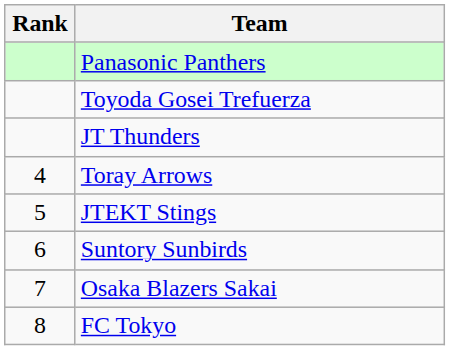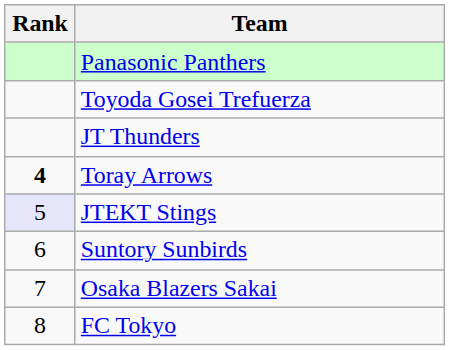 <table class="wikitable" style="text-align: center;">
 <tr>
 <th width=40>Rank</th>
 <th width=240>Team</th>
 </tr>
 <tr align=center bgcolor=#ccffcc>
 <td></td>
 <td style="text-align:left;"><a href='#'>Panasonic Panthers</a></td>
 </tr>
 <tr align=center>
 <td></td>
 <td style="text-align:left;"><a href='#'>Toyoda Gosei Trefuerza</a></td>
 </tr>
 <tr align=center>
 <td></td>
 <td style="text-align:left;"><a href='#'>JT Thunders</a></td>
 </tr>
 <tr align=center>
-<td>4</td>
+<td><strong>4</strong></td>
 <td style="text-align:left;"><a href='#'>Toray Arrows</a></td>
 </tr>
 <tr align=center>
-<td>5</td>
+<td style="background: lavender;">5</td>
 <td style="text-align:left;"><a href='#'>JTEKT Stings</a></td>
 </tr>
 <tr align=center>
 <td>6</td>
 <td style="text-align:left;"><a href='#'>Suntory Sunbirds</a></td>
 </tr>
 <tr align=center>
 <td>7</td>
 <td style="text-align:left;"><a href='#'>Osaka Blazers Sakai</a></td>
 </tr>
 <tr align=center>
 <td>8</td>
 <td style="text-align:left;"><a href='#'>FC Tokyo</a></td>
 </tr>
 </table>
